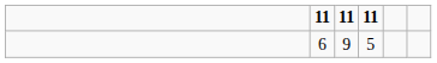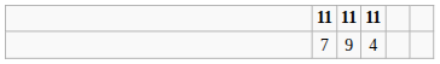 <table class="wikitable">
 <tr>
 <td style="width:18em"></td>
 <td align=center style="width:1em"><strong>11</strong></td>
 <td align=center style="width:1em"><strong>11</strong></td>
 <td align=center style="width:1em"><strong>11</strong></td>
 <td align=center style="width:1em"></td>
 <td align=center style="width:1em"></td>
 </tr>
 <tr>
 <td style="width:18em"></td>
-<td align=center style="width:1em">6</td>
+<td align=center style="width:1em">7</td>
 <td align=center style="width:1em">9</td>
-<td align=center style="width:1em">5</td>
+<td align=center style="width:1em">4</td>
 <td align=center style="width:1em"></td>
 <td align=center style="width:1em"></td>
 </tr>
 </table>
